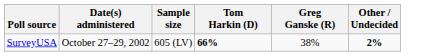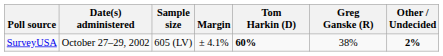 <table class="wikitable" style="font-size:90%">
 <tr valign=bottom>
 <th>Poll source</th>
 <th>Date(s)<br>administered</th>
 <th>Sample<br>size</th>
+<th>Margin<br></th>
 <th style="width:100px;">Tom<br>Harkin (D)</th>
 <th style="width:100px;">Greg<br>Ganske (R)</th>
 <th>Other /<br>Undecided</th>
 </tr>
 <tr>
 <td><a href='#'>SurveyUSA</a></td>
 <td align=center>October 27–29, 2002</td>
 <td align=center>605 (LV)</td>
-<td><strong>66%</strong></td>
+<td align=center>± 4.1%</td>
+<td><strong>60%</strong></td>
 <td align=center>38%</td>
 <td align=center><strong>2%</strong></td>
 </tr>
 </table>
